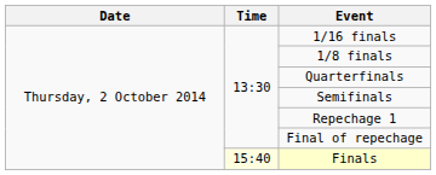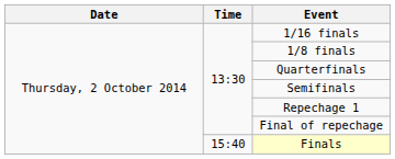 <table class = "wikitable" style="text-align:center;">
 <tr>
 <th width=220>Date</th>
 <th width=50>Time</th>
 <th width=150>Event</th>
 </tr>
 <tr>
 <td rowspan=7>Thursday, 2 October 2014</td>
 <td rowspan=6>13:30</td>
 <td>1/16 finals</td>
 </tr>
 <tr>
 <td>1/8 finals</td>
 </tr>
 <tr>
 <td>Quarterfinals</td>
 </tr>
 <tr>
 <td>Semifinals</td>
 </tr>
 <tr>
 <td>Repechage 1</td>
 </tr>
 <tr>
 <td>Final of repechage</td>
 </tr>
 <tr>
-<td style="background: lightyellow;">15:40</td>
+<td>15:40</td>
 <td bgcolor=ffffcc>Finals</td>
 </tr>
 </table>
